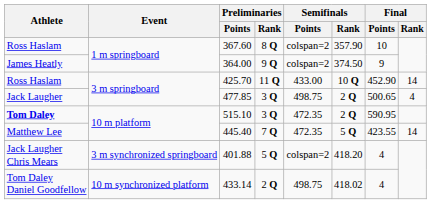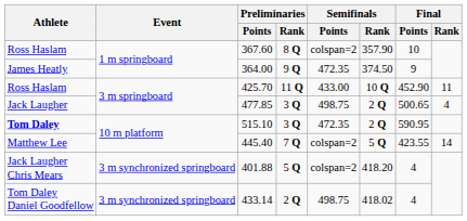 <table class=wikitable style="font-size:90%;">
 <tr>
 <th rowspan="2">Athlete</th>
 <th rowspan="2">Event</th>
 <th colspan="2">Preliminaries</th>
 <th colspan="2">Semifinals</th>
 <th colspan="2">Final</th>
 </tr>
 <tr style="font-size:95%">
 <th>Points</th>
 <th>Rank</th>
 <th>Points</th>
 <th>Rank</th>
 <th>Points</th>
 <th>Rank</th>
 </tr>
 <tr align=center>
 <td align=left><a href='#'>Ross Haslam</a></td>
 <td align=left rowspan=2><a href='#'>1 m springboard</a></td>
 <td>367.60</td>
 <td>8 <strong>Q</strong></td>
 <td>colspan=2 </td>
 <td>357.90</td>
 <td>10</td>
 </tr>
 <tr align=center>
 <td align=left><a href='#'>James Heatly</a></td>
 <td>364.00</td>
 <td>9 <strong>Q</strong></td>
-<td>colspan=2 </td>
+<td>472.35</td>
 <td>374.50</td>
 <td>9</td>
 </tr>
 <tr align=center>
 <td align=left><a href='#'>Ross Haslam</a></td>
 <td align=left rowspan=2><a href='#'>3 m springboard</a></td>
 <td>425.70</td>
 <td>11 <strong>Q</strong></td>
 <td>433.00</td>
 <td>10 <strong>Q</strong></td>
 <td>452.90</td>
-<td>14</td>
+<td>11</td>
 </tr>
 <tr align=center>
 <td align=left><a href='#'>Jack Laugher</a></td>
 <td>477.85</td>
 <td>3 <strong>Q</strong></td>
 <td>498.75</td>
 <td>2 <strong>Q</strong></td>
 <td>500.65</td>
 <td>4</td>
 </tr>
 <tr align=center>
 <td align=left><strong><a href='#'>Tom Daley</a></strong></td>
 <td align=left rowspan=2><a href='#'>10 m platform</a></td>
 <td>515.10</td>
 <td>3 <strong>Q</strong></td>
 <td>472.35</td>
 <td>2 <strong>Q</strong></td>
 <td>590.95</td>
 <td></td>
 </tr>
 <tr align=center>
 <td align=left><a href='#'>Matthew Lee</a></td>
 <td>445.40</td>
 <td>7 <strong>Q</strong></td>
-<td>472.35</td>
+<td>colspan=2 </td>
 <td>5 <strong>Q</strong></td>
 <td>423.55</td>
 <td>14</td>
 </tr>
 <tr align=center>
 <td align=left><a href='#'>Jack Laugher</a><br><a href='#'>Chris Mears</a></td>
 <td align=left><a href='#'>3 m synchronized springboard</a></td>
 <td>401.88</td>
 <td>5 <strong>Q</strong></td>
 <td>colspan=2 </td>
 <td>418.20</td>
 <td>4</td>
 </tr>
 <tr align=center>
 <td align=left><a href='#'>Tom Daley</a><br><a href='#'>Daniel Goodfellow</a></td>
-<td align=left><a href='#'>10 m synchronized platform</a></td>
+<td align=left><a href='#'>3 m synchronized springboard</a></td>
 <td>433.14</td>
 <td>2 <strong>Q</strong></td>
 <td>498.75</td>
 <td>418.02</td>
 <td>4</td>
 </tr>
 </table>
